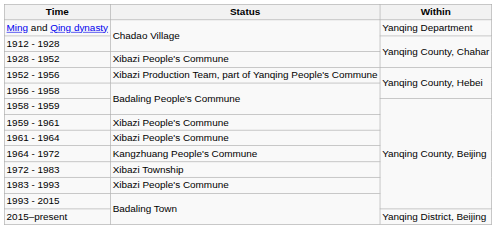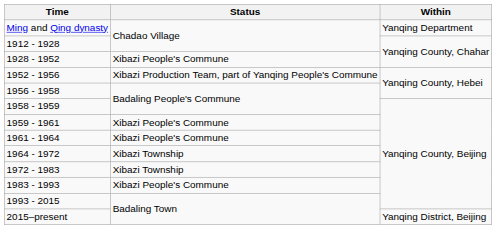 <table class="wikitable">
 <tr>
 <th>Time</th>
 <th>Status</th>
 <th>Within</th>
 </tr>
 <tr>
 <td><a href='#'>Ming</a> and <a href='#'>Qing dynasty</a></td>
 <td rowspan="2">Chadao Village</td>
 <td>Yanqing Department</td>
 </tr>
 <tr>
 <td>1912 - 1928</td>
 <td rowspan="2">Yanqing County, Chahar</td>
 </tr>
 <tr>
 <td>1928 - 1952</td>
 <td>Xibazi People's Commune</td>
 </tr>
 <tr>
 <td>1952 - 1956</td>
 <td>Xibazi Production Team, part of Yanqing People's Commune</td>
 <td rowspan="2">Yanqing County, Hebei</td>
 </tr>
 <tr>
 <td>1956 - 1958</td>
 <td rowspan="2">Badaling People's Commune</td>
 </tr>
 <tr>
 <td>1958 - 1959</td>
 <td rowspan="7">Yanqing County, Beijing</td>
 </tr>
 <tr>
 <td>1959 - 1961</td>
 <td>Xibazi People's Commune</td>
 </tr>
 <tr>
 <td>1961 - 1964</td>
 <td>Xibazi People's Commune</td>
 </tr>
 <tr>
 <td>1964 - 1972</td>
-<td>Kangzhuang People's Commune</td>
+<td>Xibazi Township</td>
 </tr>
 <tr>
 <td>1972 - 1983</td>
 <td>Xibazi Township</td>
 </tr>
 <tr>
 <td>1983 - 1993</td>
 <td>Xibazi People's Commune</td>
 </tr>
 <tr>
 <td>1993 - 2015</td>
 <td rowspan="2">Badaling Town</td>
 </tr>
 <tr>
 <td>2015–present</td>
 <td>Yanqing District, Beijing</td>
 </tr>
 </table>
